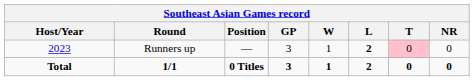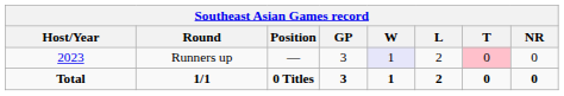 <table class="wikitable" style="text-align: center;">
 <tr>
 <th colspan=8><a href='#'>Southeast Asian Games record</a></th>
 </tr>
 <tr>
 <th width=150>Host/Year</th>
 <th width=150>Round</th>
 <th width=50>Position</th>
 <th width=50>GP</th>
 <th width=50>W</th>
 <th width=50>L</th>
 <th width=50>T</th>
 <th width=50>NR</th>
 </tr>
 <tr>
 <td> <a href='#'>2023</a></td>
 <td>Runners up</td>
 <td>—</td>
 <td>3</td>
-<td>1</td>
-<td><strong>2</strong></td>
+<td style="background: lavender;">1</td>
+<td>2</td>
 <td style="background: pink;">0</td>
 <td>0</td>
 </tr>
 <tr>
 <td><strong>Total</strong></td>
 <td><strong>1/1</strong></td>
 <td><strong>0 Titles</strong></td>
 <td><strong>3</strong></td>
 <td><strong>1</strong></td>
 <td><strong>2</strong></td>
 <td><strong>0</strong></td>
 <td><strong>0</strong></td>
 </tr>
 </table>
